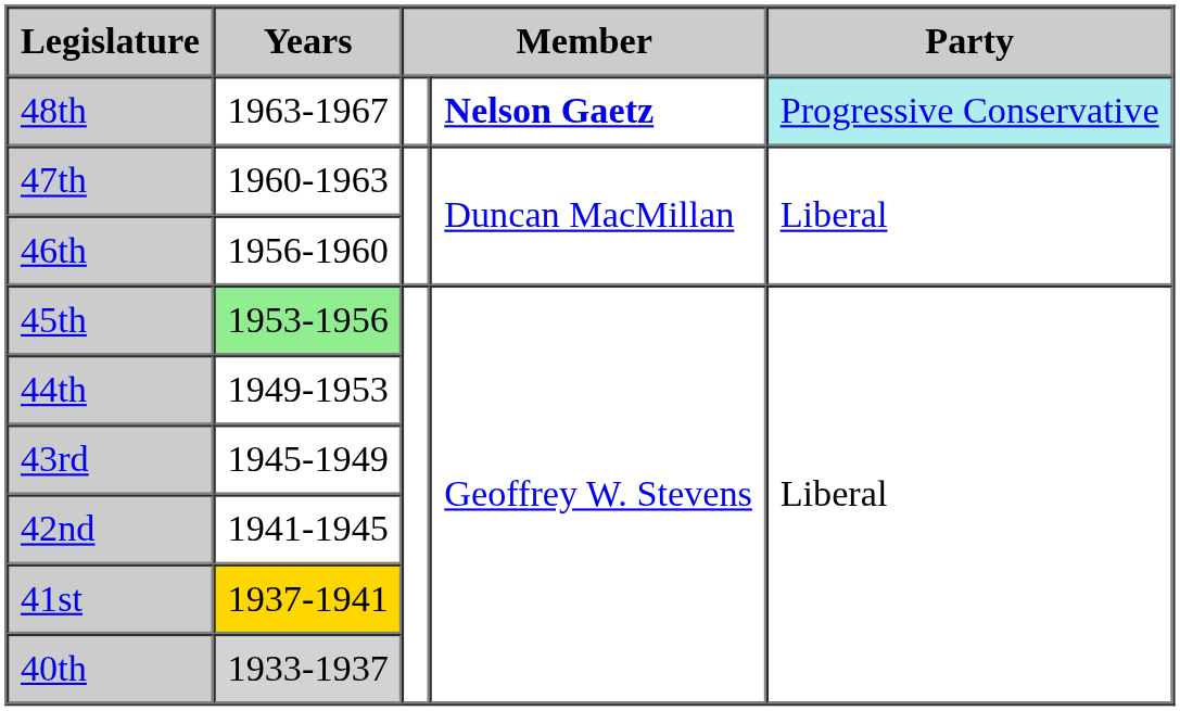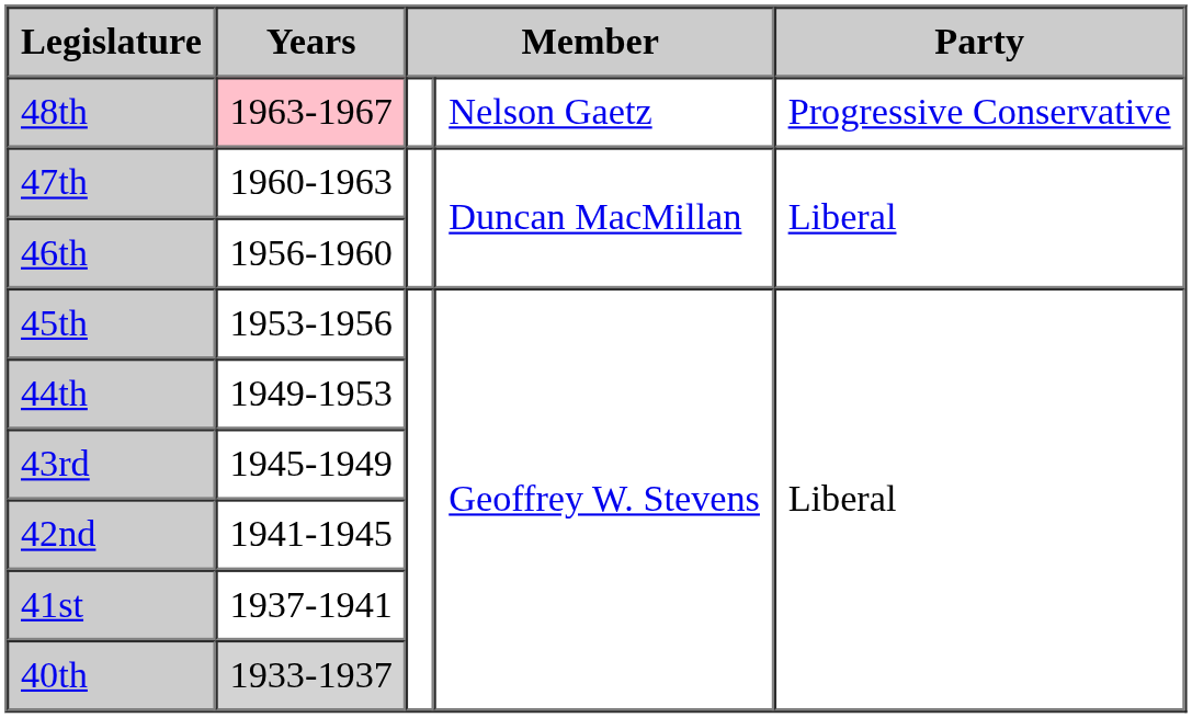 <table border=1 cellpadding=5 cellspacing=0>
 <tr bgcolor="CCCCCC">
 <th>Legislature</th>
 <th>Years</th>
 <th colspan="2">Member</th>
 <th>Party</th>
 </tr>
 <tr>
 <td bgcolor="CCCCCC"><a href='#'>48th</a></td>
-<td>1963-1967</td>
+<td style="background: pink;">1963-1967</td>
 <td rowspan="1" ></td>
-<td><strong><a href='#'>Nelson Gaetz</a></strong></td>
-<td style="background: paleturquoise;"><a href='#'>Progressive Conservative</a></td>
+<td><a href='#'>Nelson Gaetz</a></td>
+<td><a href='#'>Progressive Conservative</a></td>
 </tr>
 <tr>
 <td bgcolor="CCCCCC"><a href='#'>47th</a></td>
 <td>1960-1963</td>
 <td rowspan="2" ></td>
 <td rowspan="2"><a href='#'>Duncan MacMillan</a></td>
 <td rowspan="2"><a href='#'>Liberal</a></td>
 </tr>
 <tr>
 <td bgcolor="CCCCCC"><a href='#'>46th</a></td>
 <td>1956-1960</td>
 </tr>
 <tr>
 <td bgcolor="CCCCCC"><a href='#'>45th</a></td>
-<td style="background: lightgreen;">1953-1956</td>
+<td>1953-1956</td>
 <td rowspan="6" ></td>
 <td rowspan="6"><a href='#'>Geoffrey W. Stevens</a></td>
 <td rowspan="6">Liberal</td>
 </tr>
 <tr>
 <td bgcolor="CCCCCC"><a href='#'>44th</a></td>
 <td>1949-1953</td>
 </tr>
 <tr>
 <td bgcolor="CCCCCC"><a href='#'>43rd</a></td>
 <td>1945-1949</td>
 </tr>
 <tr>
 <td bgcolor="CCCCCC"><a href='#'>42nd</a></td>
 <td>1941-1945</td>
 </tr>
 <tr>
 <td bgcolor="CCCCCC"><a href='#'>41st</a></td>
-<td style="background: gold;">1937-1941</td>
+<td>1937-1941</td>
 </tr>
 <tr>
 <td bgcolor="CCCCCC"><a href='#'>40th</a></td>
 <td style="background: lightgrey;">1933-1937</td>
 </tr>
 </table>
